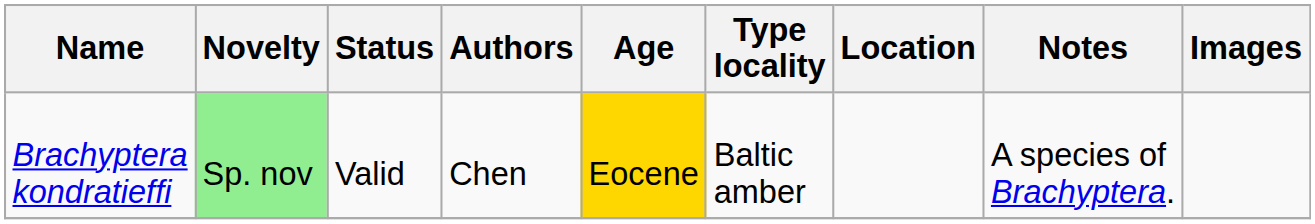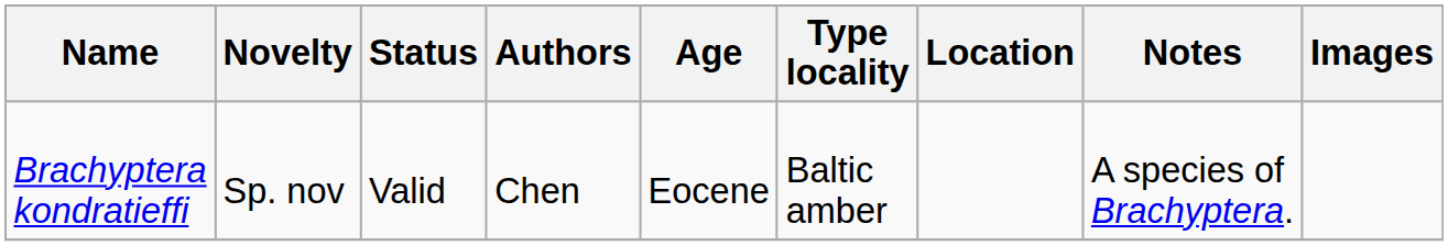 <table class="wikitable sortable" align="center" width="100%">
 <tr>
 <th>Name</th>
 <th>Novelty</th>
 <th>Status</th>
 <th>Authors</th>
 <th>Age</th>
 <th>Type locality</th>
 <th>Location</th>
 <th>Notes</th>
 <th>Images</th>
 </tr>
 <tr>
 <td><br><em><a href='#'>Brachyptera kondratieffi</a></em></td>
-<td style="background: lightgreen;"><br>Sp. nov</td>
+<td><br>Sp. nov</td>
 <td><br>Valid</td>
 <td><br>Chen</td>
-<td style="background: gold;"><br>Eocene</td>
+<td><br>Eocene</td>
 <td><br>Baltic amber</td>
 <td><br></td>
 <td><br>A species of <em><a href='#'>Brachyptera</a></em>.</td>
 <td></td>
 </tr>
 <tr>
 </tr>
 </table>
